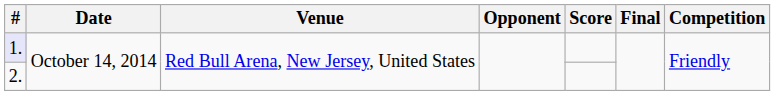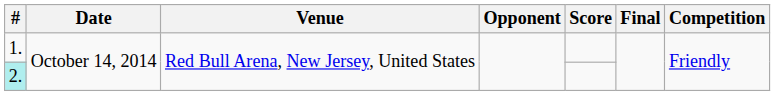 <table class="wikitable collapsible">
 <tr>
 <th>#</th>
 <th>Date</th>
 <th>Venue</th>
 <th>Opponent</th>
 <th>Score</th>
 <th>Final</th>
 <th>Competition</th>
 </tr>
 <tr>
-<td style="background: lavender;">1.</td>
+<td>1.</td>
 <td rowspan=" 2">October 14, 2014</td>
 <td rowspan=" 2"><a href='#'>Red Bull Arena</a>, <a href='#'>New Jersey</a>, United States</td>
 <td rowspan=" 2"></td>
 <td></td>
 <td rowspan=" 2"></td>
 <td rowspan=" 2"><a href='#'>Friendly</a></td>
 </tr>
 <tr>
-<td>2.</td>
+<td style="background: paleturquoise;">2.</td>
 <td></td>
 </tr>
 </table>
